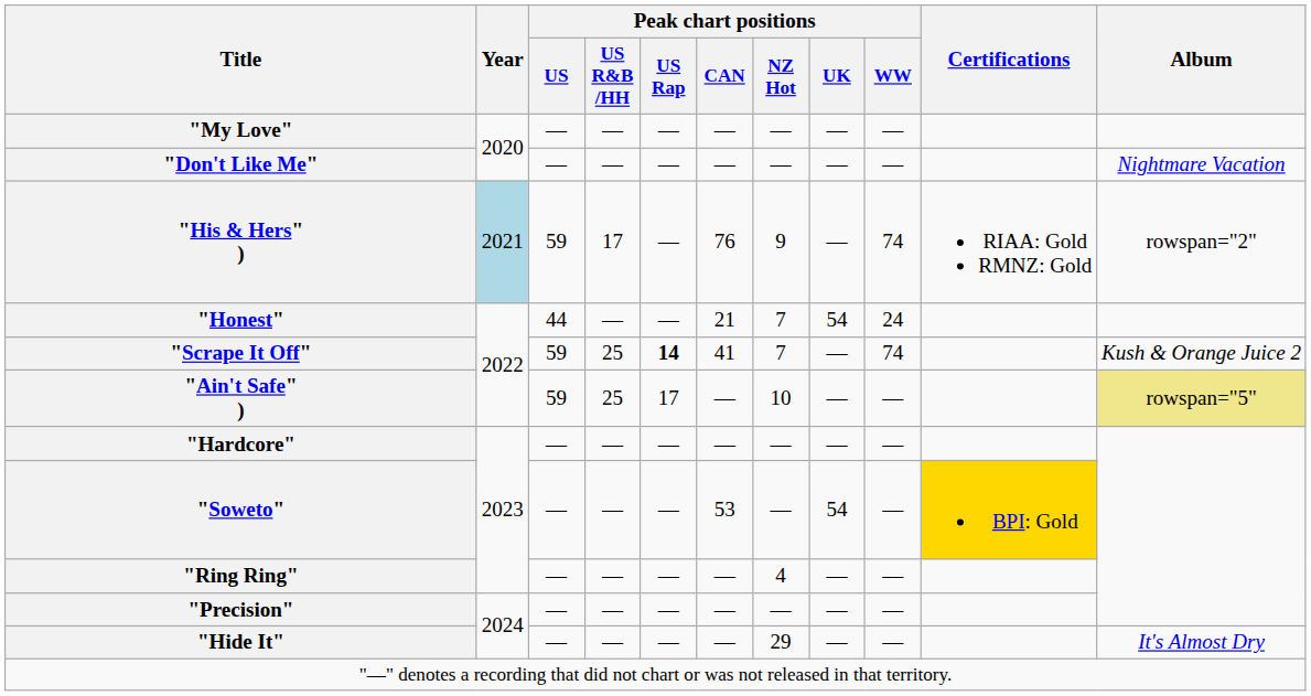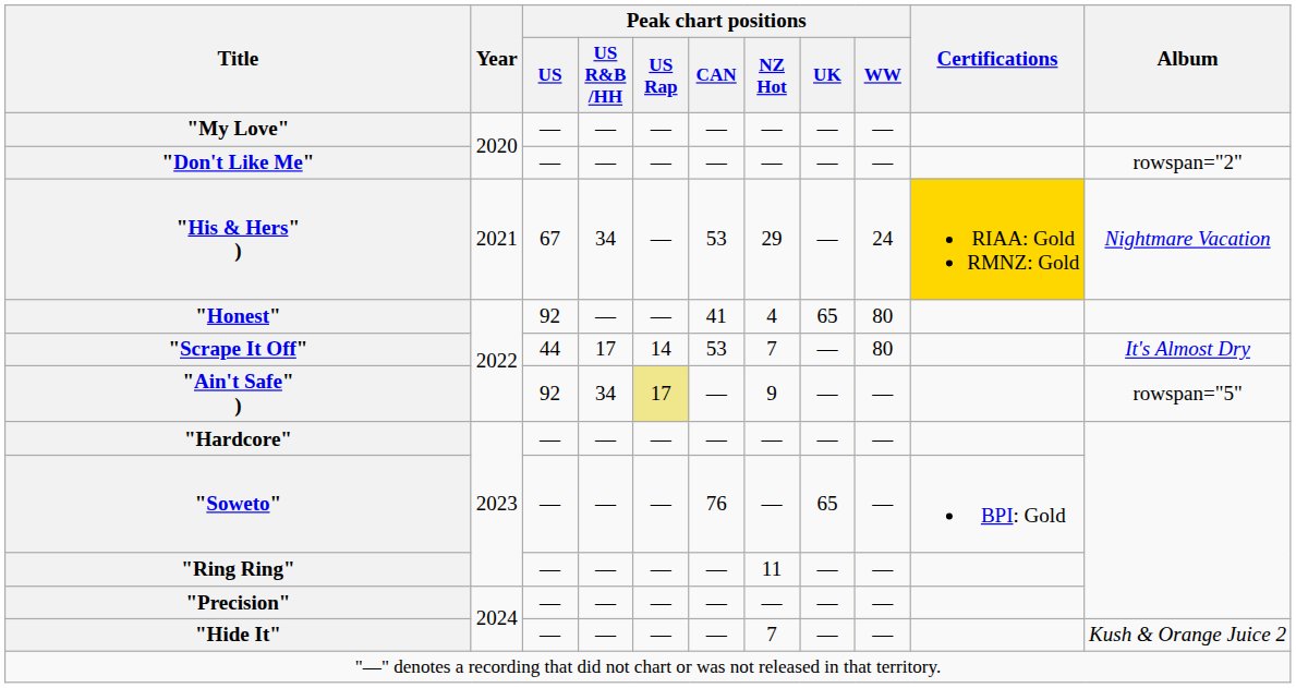 <table class="wikitable plainrowheaders" style="text-align:center;">
 <tr>
 <th scope="col" rowspan="2" style="width:22em;">Title</th>
 <th scope="col" rowspan="2">Year</th>
 <th scope="col" colspan="7">Peak chart positions</th>
 <th scope="col" rowspan="2"><a href='#'>Certifications</a></th>
 <th scope="col" rowspan="2">Album</th>
 </tr>
 <tr>
 <th scope="col" style="width:2.5em;font-size:90%;"><a href='#'>US</a><br></th>
 <th scope="col" style="width:2.5em;font-size:90%;"><a href='#'>US<br>R&B<br>/HH</a><br></th>
 <th scope="col" style="width:2.5em;font-size:90%;"><a href='#'>US<br>Rap</a><br></th>
 <th scope="col" style="width:2.5em;font-size:90%;"><a href='#'>CAN</a><br></th>
 <th scope="col" style="width:2.5em;font-size:90%;"><a href='#'>NZ<br> Hot</a><br></th>
 <th scope="col" style="width:2.5em;font-size:90%;"><a href='#'>UK</a><br></th>
 <th scope="col" style="width:2.5em;font-size:90%;"><a href='#'>WW</a><br></th>
 </tr>
 <tr>
 <th scope="row">"My Love"<br></th>
 <td rowspan="2">2020</td>
 <td>—</td>
 <td>—</td>
 <td>—</td>
 <td>—</td>
 <td>—</td>
 <td>—</td>
 <td>—</td>
 <td></td>
 <td></td>
 </tr>
 <tr>
 <th scope="row">"<a href='#'>Don't Like Me</a>"<br></th>
 <td>—</td>
 <td>—</td>
 <td>—</td>
 <td>—</td>
 <td>—</td>
 <td>—</td>
 <td>—</td>
 <td></td>
-<td><em><a href='#'>Nightmare Vacation</a></em></td>
+<td>rowspan="2" </td>
 </tr>
 <tr>
 <th scope="row">"<a href='#'>His & Hers</a>"<br>)</th>
-<td style="background: lightblue;">2021</td>
-<td>59</td>
-<td>17</td>
+<td>2021</td>
+<td>67</td>
+<td>34</td>
 <td>—</td>
-<td>76</td>
-<td>9</td>
+<td>53</td>
+<td>29</td>
 <td>—</td>
-<td>74</td>
-<td><br><ul><li>RIAA: Gold</li><li>RMNZ: Gold</li></ul></td>
-<td>rowspan="2" </td>
+<td>24</td>
+<td style="background: gold;"><br><ul><li>RIAA: Gold</li><li>RMNZ: Gold</li></ul></td>
+<td><em><a href='#'>Nightmare Vacation</a></em></td>
 </tr>
 <tr>
 <th scope="row">"<a href='#'>Honest</a>"<br></th>
 <td rowspan="3">2022</td>
-<td>44</td>
+<td>92</td>
 <td>—</td>
 <td>—</td>
-<td>21</td>
-<td>7</td>
-<td>54</td>
-<td>24</td>
+<td>41</td>
+<td>4</td>
+<td>65</td>
+<td>80</td>
 <td></td>
 </tr>
 <tr>
 <th scope="row">"<a href='#'>Scrape It Off</a>"<br></th>
-<td>59</td>
-<td>25</td>
-<td><strong>14</strong></td>
-<td>41</td>
+<td>44</td>
+<td>17</td>
+<td>14</td>
+<td>53</td>
 <td>7</td>
 <td>—</td>
-<td>74</td>
+<td>80</td>
 <td></td>
-<td><em>Kush & Orange Juice 2</em></td>
+<td><em><a href='#'>It's Almost Dry</a></em></td>
 </tr>
 <tr>
 <th scope="row">"<a href='#'>Ain't Safe</a>"<br>)</th>
-<td>59</td>
-<td>25</td>
-<td>17</td>
+<td>92</td>
+<td>34</td>
+<td style="background: khaki;">17</td>
 <td>—</td>
-<td>10</td>
+<td>9</td>
 <td>—</td>
 <td>—</td>
 <td></td>
-<td style="background: khaki;">rowspan="5" </td>
+<td>rowspan="5" </td>
 </tr>
 <tr>
 <th scope="row">"Hardcore"<br></th>
 <td rowspan="3">2023</td>
 <td>—</td>
 <td>—</td>
 <td>—</td>
 <td>—</td>
 <td>—</td>
 <td>—</td>
 <td>—</td>
 <td></td>
 </tr>
 <tr>
 <th scope="row">"<a href='#'>Soweto</a>"<br></th>
 <td>—</td>
 <td>—</td>
 <td>—</td>
-<td>53</td>
+<td>76</td>
 <td>—</td>
-<td>54</td>
+<td>65</td>
 <td>—</td>
-<td style="background: gold;"><br><ul><li><a href='#'>BPI</a>: Gold</li></ul></td>
+<td><br><ul><li><a href='#'>BPI</a>: Gold</li></ul></td>
 </tr>
 <tr>
 <th scope="row">"Ring Ring"<br></th>
 <td>—</td>
 <td>—</td>
 <td>—</td>
 <td>—</td>
-<td>4</td>
+<td>11</td>
 <td>—</td>
 <td>—</td>
 <td></td>
 </tr>
 <tr>
 <th scope="row">"Precision"<br></th>
 <td rowspan="2">2024</td>
 <td>—</td>
 <td>—</td>
 <td>—</td>
 <td>—</td>
 <td>—</td>
 <td>—</td>
 <td>—</td>
 <td></td>
 </tr>
 <tr>
 <th scope="row">"Hide It"<br></th>
 <td>—</td>
 <td>—</td>
 <td>—</td>
 <td>—</td>
-<td>29</td>
+<td>7</td>
 <td>—</td>
 <td>—</td>
 <td></td>
-<td><em><a href='#'>It's Almost Dry</a></em></td>
+<td><em>Kush & Orange Juice 2</em></td>
 </tr>
 <tr>
 <td colspan="11" style="font-size:90%">"—" denotes a recording that did not chart or was not released in that territory.</td>
 </tr>
 </table>
